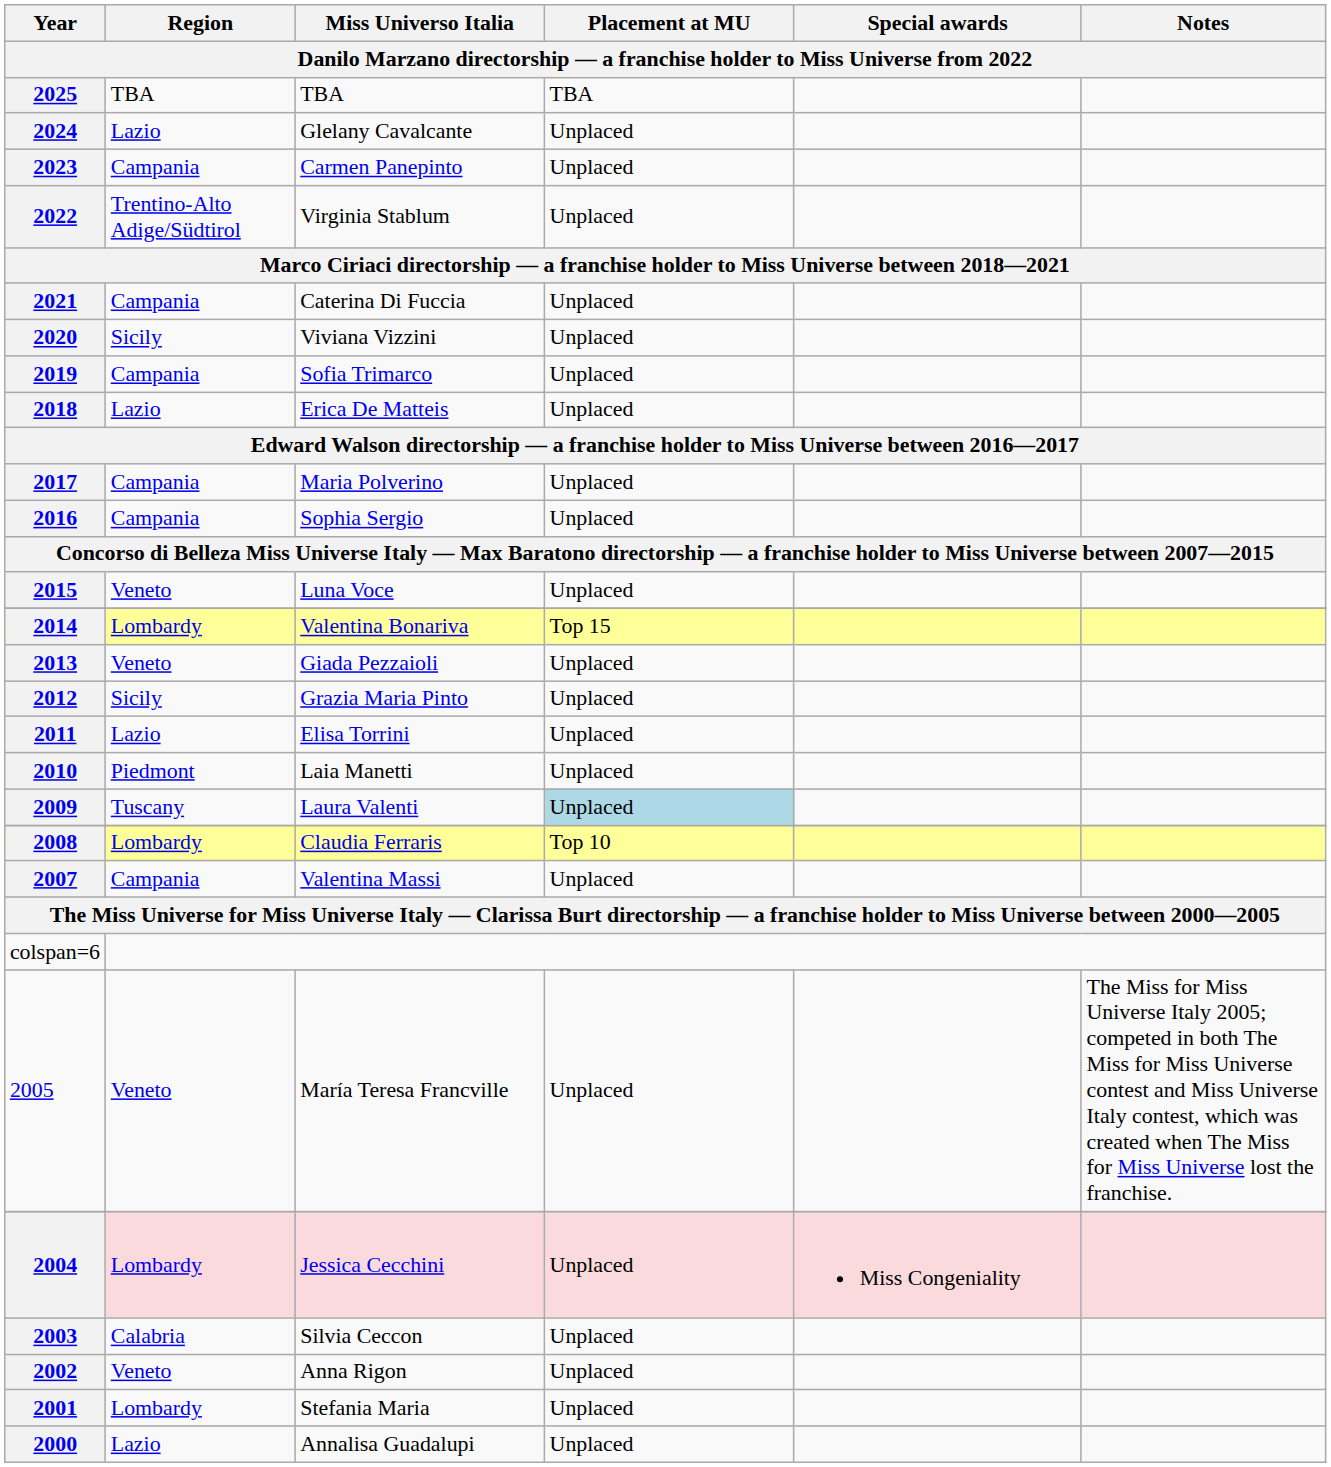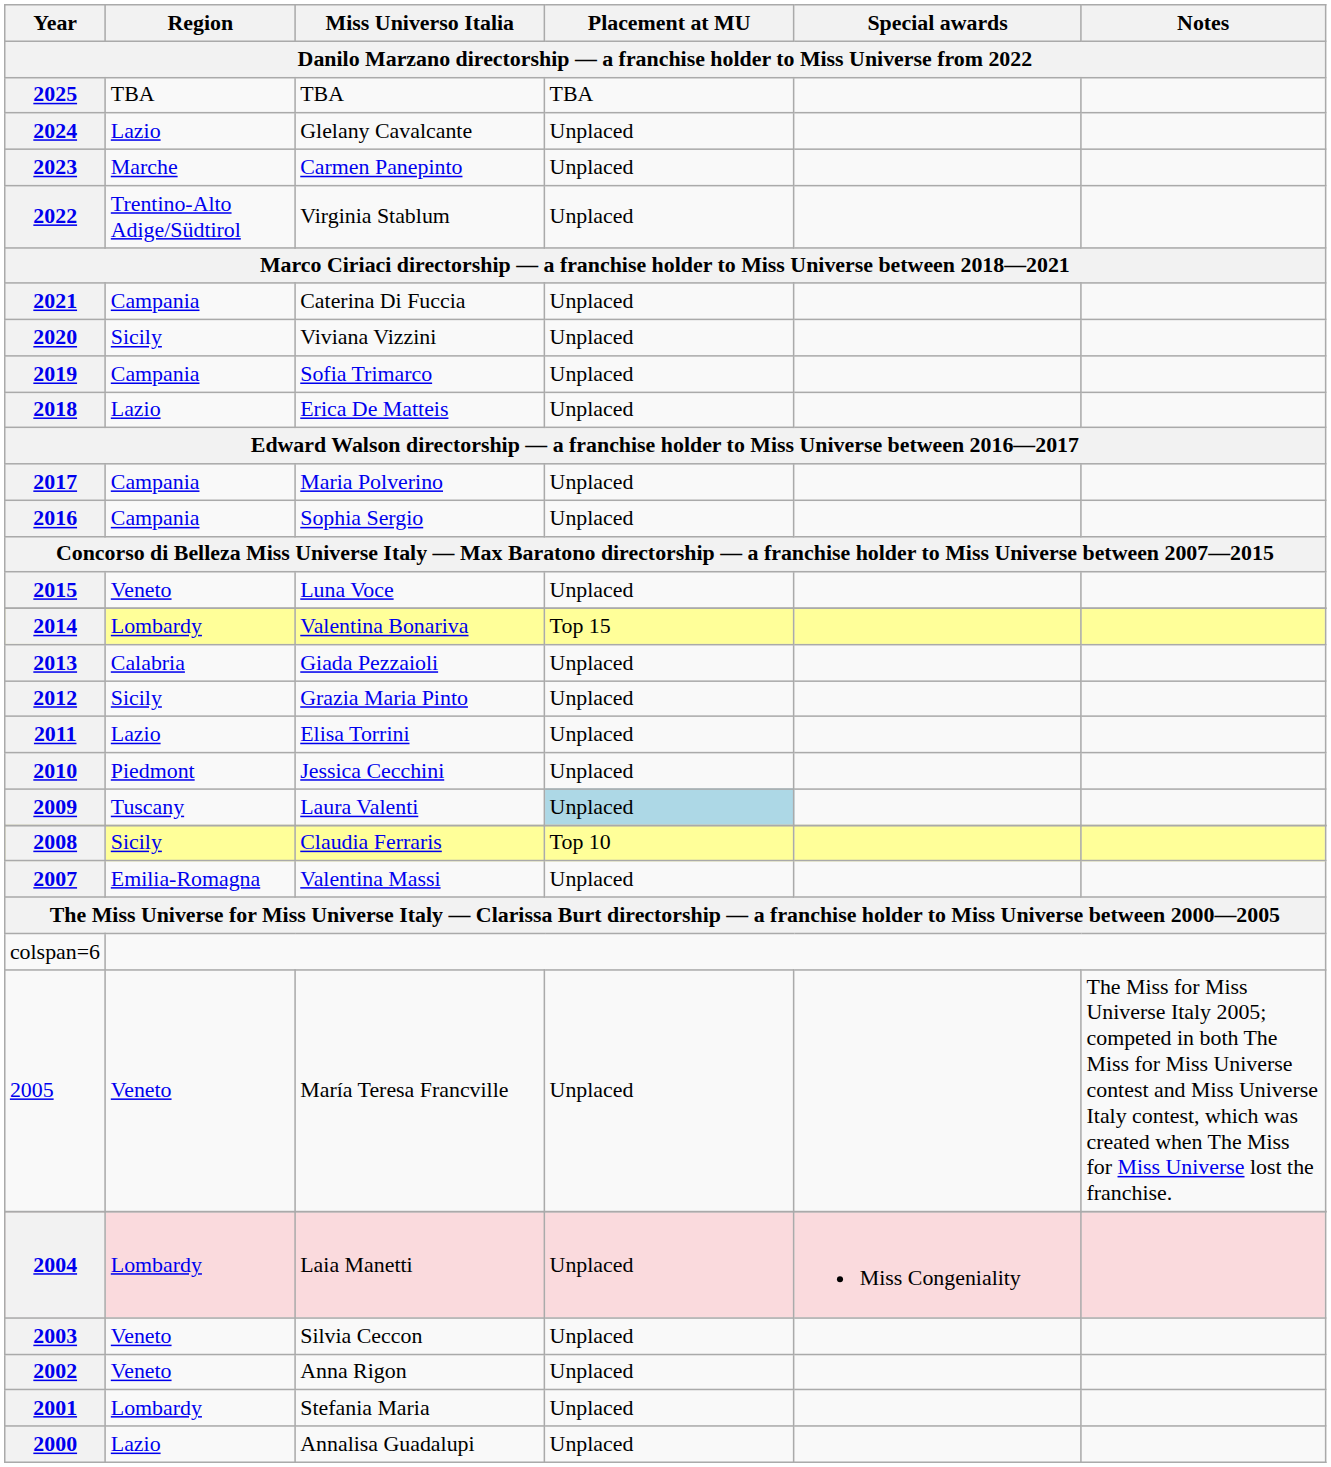 <table class="wikitable " style="font-size: 90%;">
 <tr>
 <th width="60">Year</th>
 <th width="150">Region</th>
 <th width="250">Miss Universo Italia</th>
 <th width="250">Placement at MU</th>
 <th width="250">Special awards</th>
 <th width="250">Notes</th>
 </tr>
 <tr>
 <th colspan="6">Danilo Marzano directorship — a franchise holder to Miss Universe from 2022</th>
 </tr>
 <tr>
 <th><a href='#'>2025</a></th>
 <td>TBA</td>
 <td>TBA</td>
 <td>TBA</td>
 <td></td>
 <td></td>
 </tr>
 <tr>
 <th><a href='#'>2024</a></th>
 <td><a href='#'>Lazio</a></td>
 <td>Glelany Cavalcante</td>
 <td>Unplaced</td>
 <td></td>
 <td></td>
 </tr>
 <tr>
 <th><a href='#'>2023</a></th>
-<td><a href='#'>Campania</a></td>
+<td><a href='#'>Marche</a></td>
 <td><a href='#'>Carmen Panepinto</a></td>
 <td>Unplaced</td>
 <td></td>
 <td></td>
 </tr>
 <tr>
 <th><a href='#'>2022</a></th>
 <td><a href='#'>Trentino-Alto Adige/Südtirol</a></td>
 <td>Virginia Stablum</td>
 <td>Unplaced</td>
 <td></td>
 <td></td>
 </tr>
 <tr>
 <th colspan="6">Marco Ciriaci directorship — a franchise holder to Miss Universe between 2018―2021</th>
 </tr>
 <tr>
 <th><a href='#'>2021</a></th>
 <td><a href='#'>Campania</a></td>
 <td>Caterina Di Fuccia</td>
 <td>Unplaced</td>
 <td></td>
 <td></td>
 </tr>
 <tr>
 <th><a href='#'>2020</a></th>
 <td><a href='#'>Sicily</a></td>
 <td>Viviana Vizzini</td>
 <td>Unplaced</td>
 <td></td>
 <td></td>
 </tr>
 <tr>
 <th><a href='#'>2019</a></th>
 <td><a href='#'>Campania</a></td>
 <td><a href='#'>Sofia Trimarco</a></td>
 <td>Unplaced</td>
 <td></td>
 <td></td>
 </tr>
 <tr>
 <th><a href='#'>2018</a></th>
 <td><a href='#'>Lazio</a></td>
 <td><a href='#'>Erica De Matteis</a></td>
 <td>Unplaced</td>
 <td></td>
 <td></td>
 </tr>
 <tr>
 <th colspan="6">Edward Walson directorship — a franchise holder to Miss Universe between 2016―2017</th>
 </tr>
 <tr>
 <th><a href='#'>2017</a></th>
 <td><a href='#'>Campania</a></td>
 <td><a href='#'>Maria Polverino</a></td>
 <td>Unplaced</td>
 <td></td>
 <td></td>
 </tr>
 <tr>
 <th><a href='#'>2016</a></th>
 <td><a href='#'>Campania</a></td>
 <td><a href='#'>Sophia Sergio</a></td>
 <td>Unplaced</td>
 <td></td>
 <td></td>
 </tr>
 <tr>
 <th colspan="6">Concorso di Belleza Miss Universe Italy — Max Baratono directorship — a franchise holder to Miss Universe between 2007―2015</th>
 </tr>
 <tr>
 <th><a href='#'>2015</a></th>
 <td><a href='#'>Veneto</a></td>
 <td><a href='#'>Luna Voce</a></td>
 <td>Unplaced</td>
 <td></td>
 <td></td>
 </tr>
 <tr>
 </tr>
 <tr style="background-color:#FFFF99;">
 <th><a href='#'>2014</a></th>
 <td><a href='#'>Lombardy</a></td>
 <td><a href='#'>Valentina Bonariva</a></td>
 <td>Top 15</td>
 <td></td>
 <td></td>
 </tr>
 <tr>
 <th><a href='#'>2013</a></th>
-<td><a href='#'>Veneto</a></td>
+<td><a href='#'>Calabria</a></td>
 <td><a href='#'>Giada Pezzaioli</a></td>
 <td>Unplaced</td>
 <td></td>
 <td></td>
 </tr>
 <tr>
 <th><a href='#'>2012</a></th>
 <td><a href='#'>Sicily</a></td>
 <td><a href='#'>Grazia Maria Pinto</a></td>
 <td>Unplaced</td>
 <td></td>
 <td></td>
 </tr>
 <tr>
 <th><a href='#'>2011</a></th>
 <td><a href='#'>Lazio</a></td>
 <td><a href='#'>Elisa Torrini</a></td>
 <td>Unplaced</td>
 <td></td>
 <td></td>
 </tr>
 <tr>
 <th><a href='#'>2010</a></th>
 <td><a href='#'>Piedmont</a></td>
-<td>Laia Manetti</td>
+<td><a href='#'>Jessica Cecchini</a></td>
 <td>Unplaced</td>
 <td></td>
 <td></td>
 </tr>
 <tr>
 <th><a href='#'>2009</a></th>
 <td><a href='#'>Tuscany</a></td>
 <td><a href='#'>Laura Valenti</a></td>
 <td style="background: lightblue;">Unplaced</td>
 <td></td>
 <td></td>
 </tr>
 <tr>
 </tr>
 <tr style="background-color:#FFFF99;">
 <th><a href='#'>2008</a></th>
-<td><a href='#'>Lombardy</a></td>
+<td><a href='#'>Sicily</a></td>
 <td><a href='#'>Claudia Ferraris</a></td>
 <td>Top 10</td>
 <td></td>
 <td></td>
 </tr>
 <tr>
 <th><a href='#'>2007</a></th>
-<td><a href='#'>Campania</a></td>
+<td><a href='#'>Emilia-Romagna</a></td>
 <td><a href='#'>Valentina Massi</a></td>
 <td>Unplaced</td>
 <td></td>
 <td></td>
 </tr>
 <tr>
 <th colspan="6">The Miss Universe for Miss Universe Italy — Clarissa Burt directorship — a franchise holder to Miss Universe between 2000―2005</th>
 </tr>
 <tr>
 <td>colspan=6 </td>
 </tr>
 <tr>
 <td><a href='#'>2005</a></td>
 <td><a href='#'>Veneto</a></td>
 <td>María Teresa Francville</td>
 <td>Unplaced</td>
 <td></td>
 <td>The Miss for Miss Universe Italy 2005; competed in both The Miss for Miss Universe contest and Miss Universe Italy contest, which was created when The Miss for <a href='#'>Miss Universe</a> lost the franchise.</td>
 </tr>
 <tr>
 </tr>
 <tr style="background-color:#FADADD;">
 <th><a href='#'>2004</a></th>
 <td><a href='#'>Lombardy</a></td>
-<td><a href='#'>Jessica Cecchini</a></td>
+<td>Laia Manetti</td>
 <td>Unplaced</td>
 <td align="left"><br><ul><li>Miss Congeniality</li></ul></td>
 <td></td>
 </tr>
 <tr>
 <th><a href='#'>2003</a></th>
-<td><a href='#'>Calabria</a></td>
+<td><a href='#'>Veneto</a></td>
 <td>Silvia Ceccon</td>
 <td>Unplaced</td>
 <td></td>
 <td></td>
 </tr>
 <tr>
 <th><a href='#'>2002</a></th>
 <td><a href='#'>Veneto</a></td>
 <td>Anna Rigon</td>
 <td>Unplaced</td>
 <td></td>
 <td></td>
 </tr>
 <tr>
 <th><a href='#'>2001</a></th>
 <td><a href='#'>Lombardy</a></td>
 <td>Stefania Maria</td>
 <td>Unplaced</td>
 <td></td>
 <td></td>
 </tr>
 <tr>
 <th><a href='#'>2000</a></th>
 <td><a href='#'>Lazio</a></td>
 <td>Annalisa Guadalupi</td>
 <td>Unplaced</td>
 <td></td>
 <td></td>
 </tr>
 <tr>
 </tr>
 </table>
